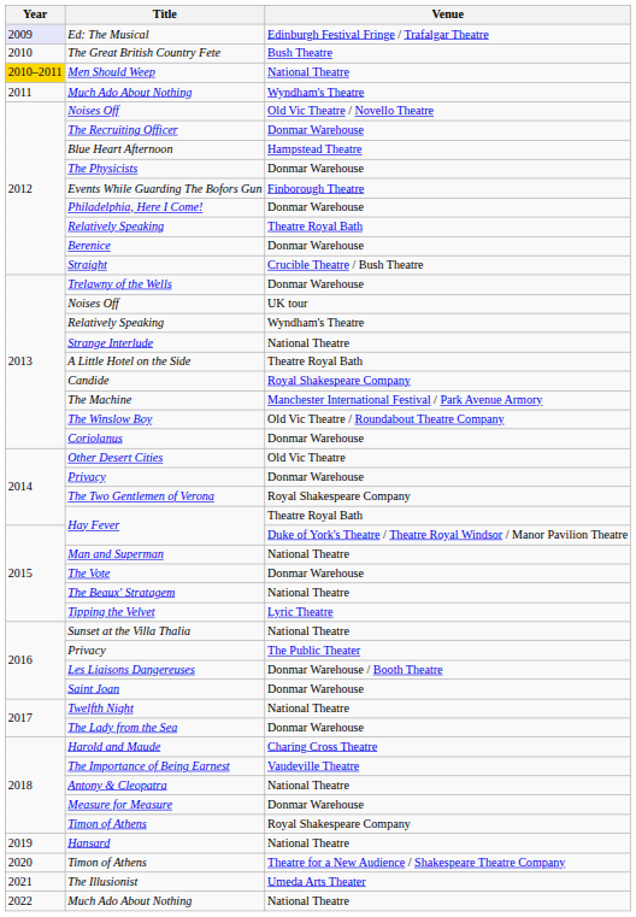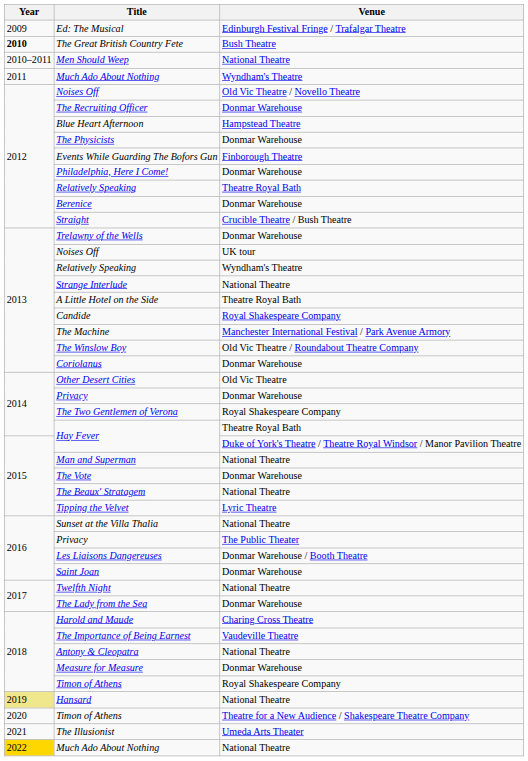 <table class="wikitable sortable">
 <tr>
 <th>Year</th>
 <th>Title</th>
 <th>Venue</th>
 </tr>
 <tr>
-<td style="background: lavender;">2009</td>
+<td>2009</td>
 <td><em>Ed: The Musical</em></td>
 <td><a href='#'>Edinburgh Festival Fringe</a> / <a href='#'>Trafalgar Theatre</a></td>
 </tr>
 <tr>
-<td>2010</td>
+<td><strong>2010</strong></td>
 <td><em>The Great British Country Fete</em></td>
 <td><a href='#'>Bush Theatre</a></td>
 </tr>
 <tr>
-<td style="background: gold;">2010–2011</td>
+<td>2010–2011</td>
 <td><em><a href='#'>Men Should Weep</a></em></td>
 <td><a href='#'>National Theatre</a></td>
 </tr>
 <tr>
 <td>2011</td>
 <td><em><a href='#'>Much Ado About Nothing</a></em></td>
 <td><a href='#'>Wyndham's Theatre</a></td>
 </tr>
 <tr>
 <td rowspan="9">2012</td>
 <td><em><a href='#'>Noises Off</a></em></td>
 <td><a href='#'>Old Vic Theatre</a> / <a href='#'>Novello Theatre</a></td>
 </tr>
 <tr>
 <td><em><a href='#'>The Recruiting Officer</a></em></td>
 <td><a href='#'>Donmar Warehouse</a></td>
 </tr>
 <tr>
 <td><em>Blue Heart Afternoon</em></td>
 <td><a href='#'>Hampstead Theatre</a></td>
 </tr>
 <tr>
 <td><em><a href='#'>The Physicists</a></em></td>
 <td>Donmar Warehouse</td>
 </tr>
 <tr>
 <td><em>Events While Guarding The Bofors Gun</em></td>
 <td><a href='#'>Finborough Theatre</a></td>
 </tr>
 <tr>
 <td><em><a href='#'>Philadelphia, Here I Come!</a></em></td>
 <td>Donmar Warehouse</td>
 </tr>
 <tr>
 <td><a href='#'><em>Relatively Speaking</em></a></td>
 <td><a href='#'>Theatre Royal Bath</a></td>
 </tr>
 <tr>
 <td><em><a href='#'>Berenice</a></em></td>
 <td>Donmar Warehouse</td>
 </tr>
 <tr>
 <td><em><a href='#'>Straight</a></em></td>
 <td><a href='#'>Crucible Theatre</a> / Bush Theatre</td>
 </tr>
 <tr>
 <td rowspan="9">2013</td>
 <td><em><a href='#'>Trelawny of the Wells</a></em></td>
 <td>Donmar Warehouse</td>
 </tr>
 <tr>
 <td><em>Noises Off</em></td>
 <td>UK tour</td>
 </tr>
 <tr>
 <td><em>Relatively Speaking</em></td>
 <td>Wyndham's Theatre</td>
 </tr>
 <tr>
 <td><em><a href='#'>Strange Interlude</a></em></td>
 <td>National Theatre</td>
 </tr>
 <tr>
 <td><em>A Little Hotel on the Side</em></td>
 <td>Theatre Royal Bath</td>
 </tr>
 <tr>
 <td><em>Candide</em></td>
 <td><a href='#'>Royal Shakespeare Company</a></td>
 </tr>
 <tr>
 <td><em>The Machine</em></td>
 <td><a href='#'>Manchester International Festival</a> / <a href='#'>Park Avenue Armory</a></td>
 </tr>
 <tr>
 <td><em><a href='#'>The Winslow Boy</a></em></td>
 <td>Old Vic Theatre / <a href='#'>Roundabout Theatre Company</a></td>
 </tr>
 <tr>
 <td><em><a href='#'>Coriolanus</a></em></td>
 <td>Donmar Warehouse</td>
 </tr>
 <tr>
 <td rowspan="4">2014</td>
 <td><em><a href='#'>Other Desert Cities</a></em></td>
 <td>Old Vic Theatre</td>
 </tr>
 <tr>
 <td><em><a href='#'>Privacy</a></em></td>
 <td>Donmar Warehouse</td>
 </tr>
 <tr>
 <td><em><a href='#'>The Two Gentlemen of Verona</a></em></td>
 <td>Royal Shakespeare Company</td>
 </tr>
 <tr>
 <td rowspan="2"><em><a href='#'>Hay Fever</a></em></td>
 <td>Theatre Royal Bath</td>
 </tr>
 <tr>
 <td rowspan="5">2015</td>
 <td><a href='#'>Duke of York's Theatre</a> / <a href='#'>Theatre Royal Windsor</a> / Manor Pavilion Theatre</td>
 </tr>
 <tr>
 <td><em><a href='#'>Man and Superman</a></em></td>
 <td>National Theatre</td>
 </tr>
 <tr>
 <td><em><a href='#'>The Vote</a></em></td>
 <td>Donmar Warehouse</td>
 </tr>
 <tr>
 <td><em><a href='#'>The Beaux' Stratagem</a></em></td>
 <td>National Theatre</td>
 </tr>
 <tr>
 <td><em><a href='#'>Tipping the Velvet</a></em></td>
 <td><a href='#'>Lyric Theatre</a></td>
 </tr>
 <tr>
 <td rowspan="4">2016</td>
 <td><em>Sunset at the Villa Thalia</em></td>
 <td>National Theatre</td>
 </tr>
 <tr>
 <td><em>Privacy</em></td>
 <td><a href='#'>The Public Theater</a></td>
 </tr>
 <tr>
 <td><em><a href='#'>Les Liaisons Dangereuses</a></em></td>
 <td>Donmar Warehouse / <a href='#'>Booth Theatre</a></td>
 </tr>
 <tr>
 <td><em><a href='#'>Saint Joan</a></em></td>
 <td>Donmar Warehouse</td>
 </tr>
 <tr>
 <td rowspan="2">2017</td>
 <td><em><a href='#'>Twelfth Night</a></em></td>
 <td>National Theatre</td>
 </tr>
 <tr>
 <td><em><a href='#'>The Lady from the Sea</a></em></td>
 <td>Donmar Warehouse</td>
 </tr>
 <tr>
 <td rowspan="5">2018</td>
 <td><em><a href='#'>Harold and Maude</a></em></td>
 <td><a href='#'>Charing Cross Theatre</a></td>
 </tr>
 <tr>
 <td><em><a href='#'>The Importance of Being Earnest</a></em></td>
 <td><a href='#'>Vaudeville Theatre</a></td>
 </tr>
 <tr>
 <td><em><a href='#'>Antony & Cleopatra</a></em></td>
 <td>National Theatre</td>
 </tr>
 <tr>
 <td><em><a href='#'>Measure for Measure</a></em></td>
 <td>Donmar Warehouse</td>
 </tr>
 <tr>
 <td><em><a href='#'>Timon of Athens</a></em></td>
 <td>Royal Shakespeare Company</td>
 </tr>
 <tr>
-<td>2019</td>
+<td style="background: khaki;">2019</td>
 <td><em><a href='#'>Hansard</a></em></td>
 <td>National Theatre</td>
 </tr>
 <tr>
 <td>2020</td>
 <td><em>Timon of Athens</em></td>
 <td><a href='#'>Theatre for a New Audience</a> / <a href='#'>Shakespeare Theatre Company</a></td>
 </tr>
 <tr>
 <td>2021</td>
 <td><em>The Illusionist</em></td>
 <td><a href='#'>Umeda Arts Theater</a></td>
 </tr>
 <tr>
-<td>2022</td>
+<td style="background: gold;">2022</td>
 <td><em>Much Ado About Nothing</em></td>
 <td>National Theatre</td>
 </tr>
 </table>
